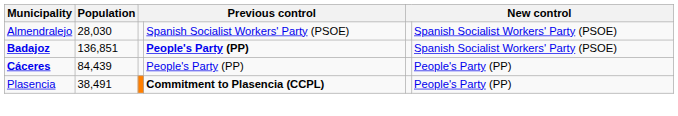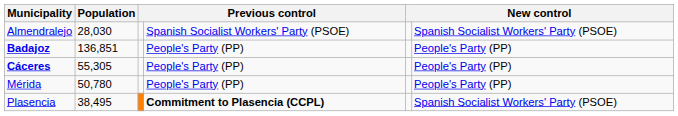 <table class="wikitable sortable">
 <tr>
 <th>Municipality</th>
 <th>Population</th>
 <th colspan="2" style="width:375px;">Previous control</th>
 <th colspan="2" style="width:375px;">New control</th>
 </tr>
 <tr>
 <td><a href='#'>Almendralejo</a></td>
 <td>28,030</td>
 <td width="1" style="color:inherit;background:"></td>
 <td><a href='#'>Spanish Socialist Workers' Party</a> (PSOE)</td>
 <td width="1" style="color:inherit;background:"></td>
 <td><a href='#'>Spanish Socialist Workers' Party</a> (PSOE)</td>
 </tr>
 <tr>
 <td><strong><a href='#'>Badajoz</a></strong></td>
 <td>136,851</td>
 <td style="color:inherit;background:"></td>
-<td><strong><a href='#'>People's Party</a> (PP)</strong></td>
+<td><a href='#'>People's Party</a> (PP)</td>
 <td style="color:inherit;background:"></td>
-<td><a href='#'>Spanish Socialist Workers' Party</a> (PSOE)</td>
+<td><a href='#'>People's Party</a> (PP)</td>
 </tr>
 <tr>
 <td><strong><a href='#'>Cáceres</a></strong></td>
-<td>84,439</td>
+<td>55,305</td>
+<td style="color:inherit;background:"></td>
+<td><a href='#'>People's Party</a> (PP)</td>
+<td style="color:inherit;background:"></td>
+<td><a href='#'>People's Party</a> (PP)</td>
+</tr>
+<tr>
+<td><a href='#'>Mérida</a></td>
+<td>50,780</td>
 <td style="color:inherit;background:"></td>
 <td><a href='#'>People's Party</a> (PP)</td>
 <td style="color:inherit;background:"></td>
 <td><a href='#'>People's Party</a> (PP)</td>
 </tr>
 <tr>
 <td><a href='#'>Plasencia</a></td>
-<td>38,491</td>
+<td>38,495</td>
 <td bgcolor="#FF7F00"></td>
 <td><strong>Commitment to Plasencia (CCPL)</strong></td>
 <td style="color:inherit;background:"></td>
-<td><a href='#'>People's Party</a> (PP)</td>
+<td><a href='#'>Spanish Socialist Workers' Party</a> (PSOE)</td>
 </tr>
 </table>
